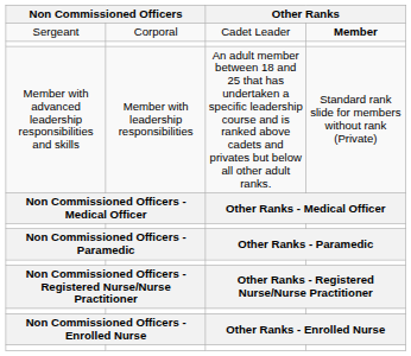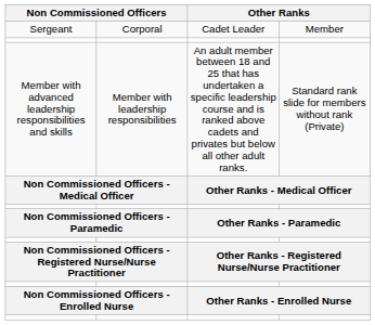 <table class="wikitable"  style="margin:0.5em auto; width:90%;">
 <tr>
 <th colspan=2>Non Commissioned Officers</th>
 <th colspan=2>Other Ranks</th>
 </tr>
 <tr align=center>
 <td width="25%">Sergeant</td>
 <td width="25%">Corporal</td>
 <td width="25%">Cadet Leader</td>
-<td width="25%"><strong>Member</strong></td>
+<td width="25%">Member</td>
 </tr>
 <tr style="text-align:center; background: white;">
 <td></td>
 <td></td>
 <td></td>
 <td></td>
 </tr>
 <tr style="text-align:center;">
 <td>Member with advanced leadership responsibilities and skills</td>
 <td>Member with leadership responsibilities</td>
 <td>An adult member between 18 and 25 that has <br>undertaken a specific leadership course and is <br>ranked above cadets and privates but below all other adult ranks.</td>
 <td>Standard rank slide for members without rank (Private)</td>
 </tr>
 <tr>
 <th colspan=2>Non Commissioned Officers - Medical Officer</th>
 <th colspan=2>Other Ranks - Medical Officer</th>
 </tr>
 <tr style="text-align:center; background: white;">
 <td></td>
 <td></td>
 <td></td>
 <td></td>
 </tr>
 <tr>
 <th colspan=2>Non Commissioned Officers - Paramedic</th>
 <th colspan=2>Other Ranks - Paramedic</th>
 </tr>
 <tr style="text-align:center; background: white;">
 <td></td>
 <td></td>
 <td></td>
 <td></td>
 </tr>
 <tr>
 <th colspan=2>Non Commissioned Officers - Registered Nurse/Nurse Practitioner</th>
 <th colspan=2>Other Ranks - Registered Nurse/Nurse Practitioner</th>
 </tr>
 <tr style="text-align:center; background: white;">
 <td></td>
 <td></td>
 <td></td>
 <td></td>
 </tr>
 <tr>
 <th colspan=2>Non Commissioned Officers - Enrolled Nurse</th>
 <th colspan=2>Other Ranks - Enrolled Nurse</th>
 </tr>
 <tr style="text-align:center; background: white;">
 <td></td>
 <td></td>
 <td></td>
 <td></td>
 </tr>
 </table>
